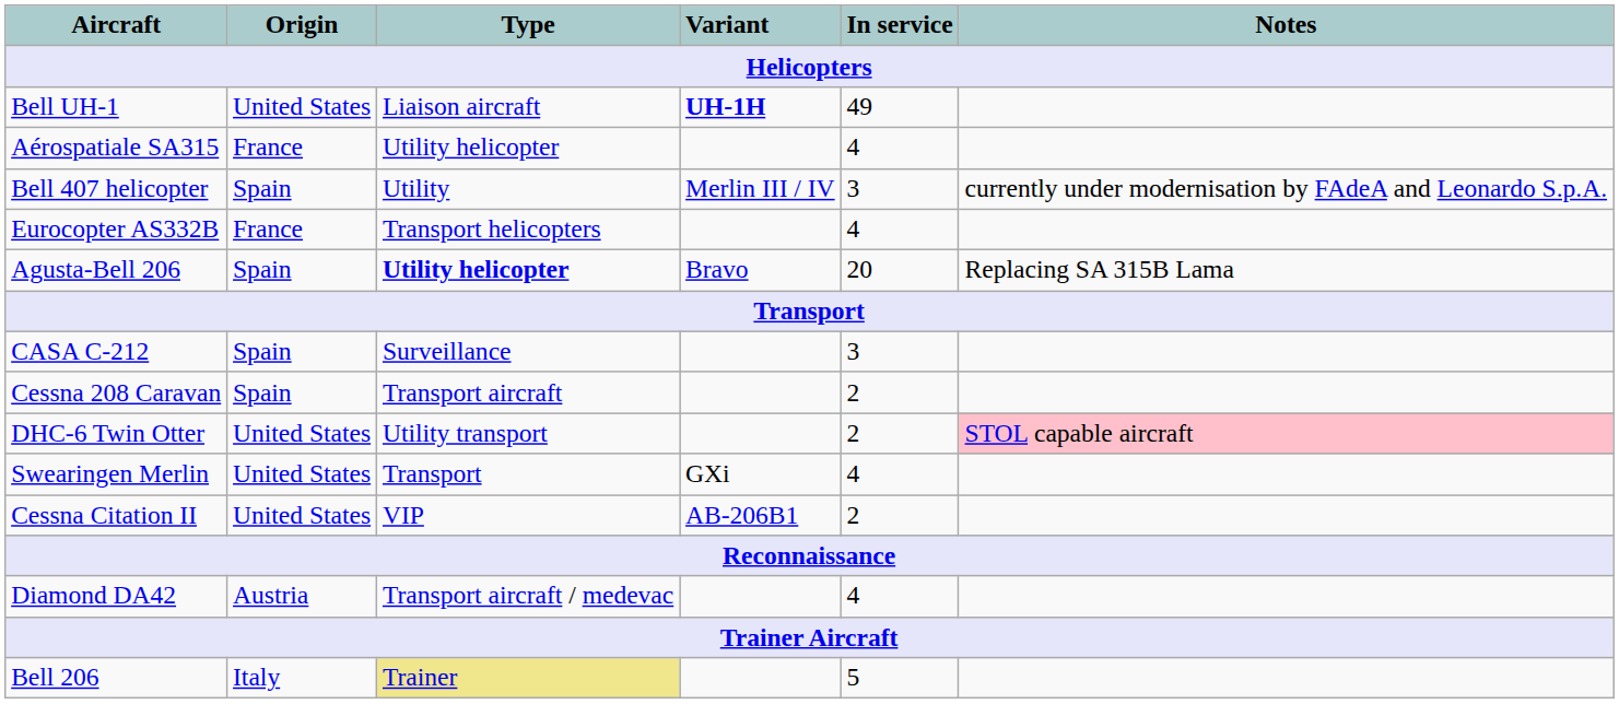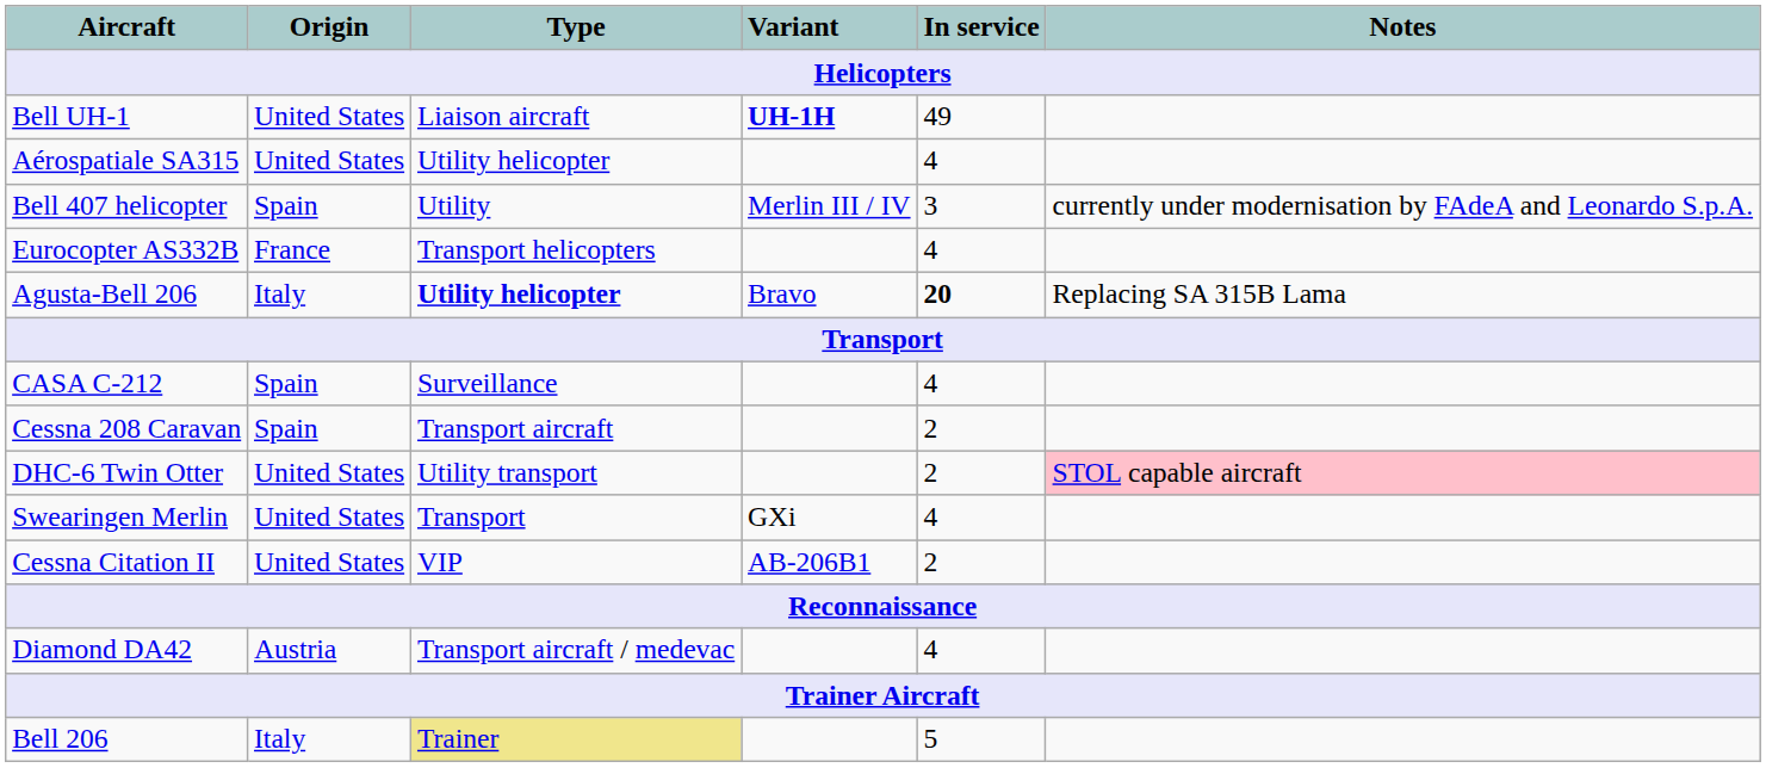 <table class="wikitable">
 <tr>
 <th style="text-align:center; background:#acc;">Aircraft</th>
 <th style="text-align: center; background:#acc;">Origin</th>
 <th style="text-align:l center; background:#acc;">Type</th>
 <th style="text-align:left; background:#acc;">Variant</th>
 <th style="text-align:center; background:#acc;">In service</th>
 <th style="text-align: center; background:#acc;">Notes</th>
 </tr>
 <tr>
 <th style="align: center; background: lavender;" colspan="7"><a href='#'>Helicopters</a></th>
 </tr>
 <tr>
 <td><a href='#'>Bell UH-1</a></td>
 <td><a href='#'>United States</a></td>
 <td><a href='#'>Liaison aircraft</a></td>
 <td><strong><a href='#'>UH-1H</a></strong></td>
 <td>49</td>
 <td></td>
 </tr>
 <tr>
 <td><a href='#'>Aérospatiale SA315</a></td>
-<td><a href='#'>France</a></td>
+<td><a href='#'>United States</a></td>
 <td><a href='#'>Utility helicopter</a></td>
 <td></td>
 <td>4</td>
 <td></td>
 </tr>
 <tr>
 <td><a href='#'>Bell 407 helicopter</a></td>
 <td><a href='#'>Spain</a></td>
 <td><a href='#'>Utility</a></td>
 <td><a href='#'>Merlin III / IV</a></td>
 <td>3</td>
 <td>currently under modernisation by <a href='#'>FAdeA</a> and <a href='#'>Leonardo S.p.A.</a></td>
 </tr>
 <tr>
 <td><a href='#'>Eurocopter AS332B</a></td>
 <td><a href='#'>France</a></td>
 <td><a href='#'>Transport helicopters</a></td>
 <td></td>
 <td>4</td>
 <td></td>
 </tr>
 <tr>
 <td><a href='#'>Agusta-Bell 206</a></td>
-<td><a href='#'>Spain</a></td>
+<td><a href='#'>Italy</a></td>
 <td><strong><a href='#'>Utility helicopter</a></strong></td>
 <td><a href='#'>Bravo</a></td>
-<td>20</td>
+<td><strong>20</strong></td>
 <td>Replacing SA 315B Lama</td>
 </tr>
 <tr>
 <th style="align: center; background: lavender;" colspan="7"><a href='#'>Transport</a></th>
 </tr>
 <tr>
 <td><a href='#'>CASA C-212</a></td>
 <td><a href='#'>Spain</a></td>
 <td><a href='#'>Surveillance</a></td>
 <td></td>
-<td>3</td>
+<td>4</td>
 <td></td>
 </tr>
 <tr>
 <td><a href='#'>Cessna 208 Caravan</a></td>
 <td><a href='#'>Spain</a></td>
 <td><a href='#'>Transport aircraft</a></td>
 <td></td>
 <td>2</td>
 <td></td>
 </tr>
 <tr>
 <td><a href='#'>DHC-6 Twin Otter</a></td>
 <td><a href='#'>United States</a></td>
 <td><a href='#'>Utility transport</a></td>
 <td></td>
 <td>2</td>
 <td style="background: pink;"><a href='#'>STOL</a> capable aircraft</td>
 </tr>
 <tr>
 <td><a href='#'>Swearingen Merlin</a></td>
 <td><a href='#'>United States</a></td>
 <td><a href='#'>Transport</a></td>
 <td>GXi</td>
 <td>4</td>
 <td></td>
 </tr>
 <tr>
 <td><a href='#'>Cessna Citation II</a></td>
 <td><a href='#'>United States</a></td>
 <td><a href='#'>VIP</a></td>
 <td><a href='#'>AB-206B1</a></td>
 <td>2</td>
 <td></td>
 </tr>
 <tr>
 <th style="align: center; background: lavender;" colspan="7"><a href='#'>Reconnaissance</a></th>
 </tr>
 <tr>
 <td><a href='#'>Diamond DA42</a></td>
 <td><a href='#'>Austria</a></td>
 <td><a href='#'>Transport aircraft</a> / <a href='#'>medevac</a></td>
 <td></td>
 <td>4</td>
 <td></td>
 </tr>
 <tr>
 <th style="align: center; background: lavender;" colspan="7"><a href='#'>Trainer Aircraft</a></th>
 </tr>
 <tr>
 <td><a href='#'>Bell 206</a></td>
 <td><a href='#'>Italy</a></td>
 <td style="background: khaki;"><a href='#'>Trainer</a></td>
 <td></td>
 <td>5</td>
 <td></td>
 </tr>
 </table>
